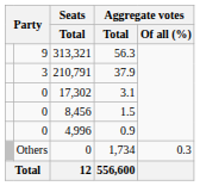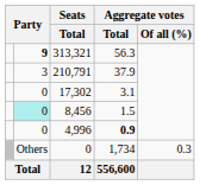 <table class="wikitable" style="text-align:right; font-size:95%;">
 <tr>
 <th colspan="2" rowspan="2">Party</th>
 <th>Seats</th>
 <th colspan="2">Aggregate votes</th>
 </tr>
 <tr>
 <th>Total</th>
 <th>Total</th>
 <th>Of all (%)</th>
 </tr>
 <tr>
 <td></td>
-<td>9</td>
+<td><strong>9</strong></td>
 <td>313,321</td>
 <td>56.3</td>
 </tr>
 <tr>
 <td></td>
 <td>3</td>
 <td>210,791</td>
 <td>37.9</td>
 </tr>
 <tr>
 <td></td>
 <td>0</td>
 <td>17,302</td>
 <td>3.1</td>
 </tr>
 <tr>
 <td></td>
-<td>0</td>
+<td style="background: paleturquoise;">0</td>
 <td>8,456</td>
 <td>1.5</td>
 </tr>
 <tr>
 <td></td>
 <td>0</td>
 <td>4,996</td>
-<td>0.9</td>
+<td><strong>0.9</strong></td>
 </tr>
 <tr>
 <td style="background:silver;"> </td>
 <td align=left>Others</td>
 <td>0</td>
 <td>1,734</td>
 <td>0.3</td>
 </tr>
 <tr>
 <th colspan="2" style="background:#f2f2f2"><strong>Total</strong></th>
 <td style="background:#f2f2f2;"><strong>12</strong></td>
 <td style="background:#f2f2f2;"><strong>556,600</strong></td>
 <td style="background:#f2f2f2;"></td>
 </tr>
 </table>
